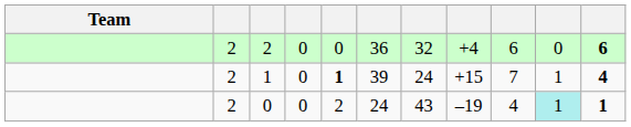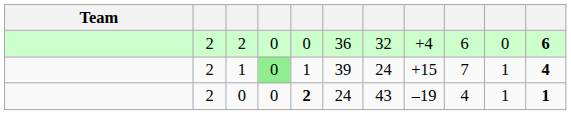 <table class="wikitable" style="text-align:center;">
 <tr>
 <th style="width:11.0em;">Team</th>
 <th style="width:1.5em;"></th>
 <th style="width:1.5em;"></th>
 <th style="width:1.5em;"></th>
 <th style="width:1.5em;"></th>
 <th style="width:2.0em;"></th>
 <th style="width:2.0em;"></th>
 <th style="width:2.0em;"></th>
 <th style="width:2.0em;"></th>
 <th style="width:2.0em;"></th>
 <th style="width:2.0em;"></th>
 </tr>
 <tr bgcolor=#cfc>
 <td align="left"></td>
 <td>2</td>
 <td>2</td>
 <td>0</td>
 <td>0</td>
 <td>36</td>
 <td>32</td>
 <td>+4</td>
 <td>6</td>
 <td>0</td>
 <td><strong>6</strong></td>
 </tr>
 <tr>
 <td align="left"></td>
 <td>2</td>
 <td>1</td>
-<td>0</td>
-<td><strong>1</strong></td>
+<td style="background: lightgreen;">0</td>
+<td>1</td>
 <td>39</td>
 <td>24</td>
 <td>+15</td>
 <td>7</td>
 <td>1</td>
 <td><strong>4</strong></td>
 </tr>
 <tr>
 <td align="left"></td>
 <td>2</td>
 <td>0</td>
 <td>0</td>
-<td>2</td>
+<td><strong>2</strong></td>
 <td>24</td>
 <td>43</td>
 <td>–19</td>
 <td>4</td>
-<td style="background: paleturquoise;">1</td>
+<td>1</td>
 <td><strong>1</strong></td>
 </tr>
 </table>
